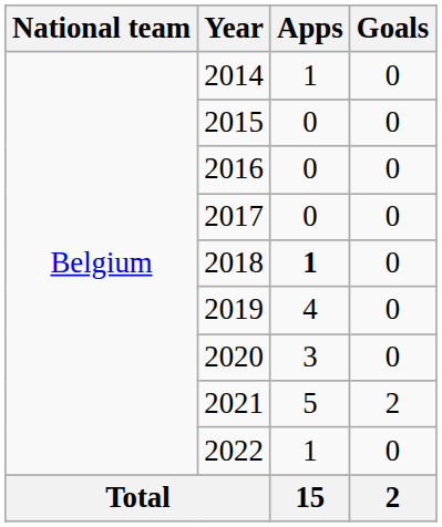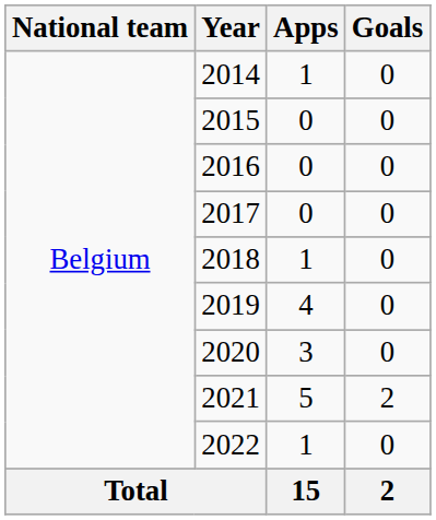 <table class="wikitable" style="text-align: center;">
 <tr>
 <th>National team</th>
 <th>Year</th>
 <th>Apps</th>
 <th>Goals</th>
 </tr>
 <tr>
 <td rowspan="9"><a href='#'>Belgium</a></td>
 <td>2014</td>
 <td>1</td>
 <td>0</td>
 </tr>
 <tr>
 <td>2015</td>
 <td>0</td>
 <td>0</td>
 </tr>
 <tr>
 <td>2016</td>
 <td>0</td>
 <td>0</td>
 </tr>
 <tr>
 <td>2017</td>
 <td>0</td>
 <td>0</td>
 </tr>
 <tr>
 <td>2018</td>
-<td><strong>1</strong></td>
+<td>1</td>
 <td>0</td>
 </tr>
 <tr>
 <td>2019</td>
 <td>4</td>
 <td>0</td>
 </tr>
 <tr>
 <td>2020</td>
 <td>3</td>
 <td>0</td>
 </tr>
 <tr>
 <td>2021</td>
 <td>5</td>
 <td>2</td>
 </tr>
 <tr>
 <td>2022</td>
 <td>1</td>
 <td>0</td>
 </tr>
 <tr>
 <th colspan="2">Total</th>
 <th>15</th>
 <th>2</th>
 </tr>
 </table>
